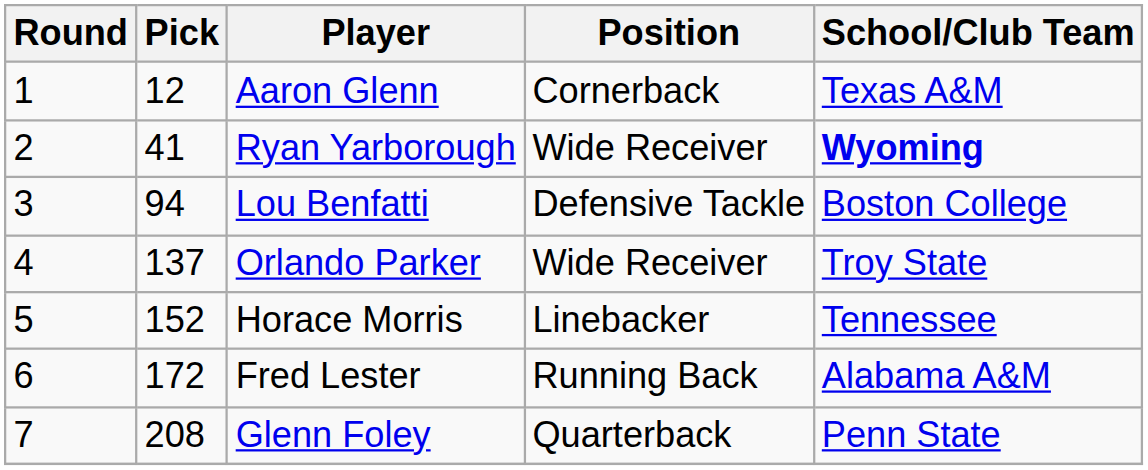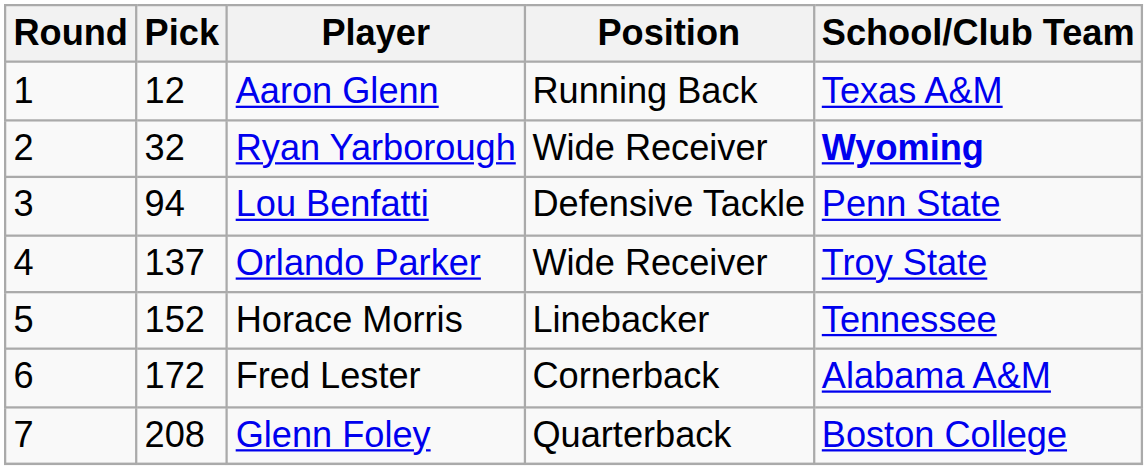 <table class="wikitable sortable sortable">
 <tr>
 <th>Round</th>
 <th>Pick</th>
 <th>Player</th>
 <th>Position</th>
 <th>School/Club Team</th>
 </tr>
 <tr>
 <td>1</td>
 <td>12</td>
 <td><a href='#'>Aaron Glenn</a></td>
-<td>Cornerback</td>
+<td>Running Back</td>
 <td><a href='#'>Texas A&M</a></td>
 </tr>
 <tr>
 <td>2</td>
-<td>41</td>
+<td>32</td>
 <td><a href='#'>Ryan Yarborough</a></td>
 <td>Wide Receiver</td>
 <td><strong><a href='#'>Wyoming</a></strong></td>
 </tr>
 <tr>
 <td>3</td>
 <td>94</td>
 <td><a href='#'>Lou Benfatti</a></td>
 <td>Defensive Tackle</td>
-<td><a href='#'>Boston College</a></td>
+<td><a href='#'>Penn State</a></td>
 </tr>
 <tr>
 <td>4</td>
 <td>137</td>
 <td><a href='#'>Orlando Parker</a></td>
 <td>Wide Receiver</td>
 <td><a href='#'>Troy State</a></td>
 </tr>
 <tr>
 <td>5</td>
 <td>152</td>
 <td>Horace Morris</td>
 <td>Linebacker</td>
 <td><a href='#'>Tennessee</a></td>
 </tr>
 <tr>
 <td>6</td>
 <td>172</td>
 <td>Fred Lester</td>
-<td>Running Back</td>
+<td>Cornerback</td>
 <td><a href='#'>Alabama A&M</a></td>
 </tr>
 <tr>
 <td>7</td>
 <td>208</td>
 <td><a href='#'>Glenn Foley</a></td>
 <td>Quarterback</td>
-<td><a href='#'>Penn State</a></td>
+<td><a href='#'>Boston College</a></td>
 </tr>
 <tr>
 </tr>
 </table>
